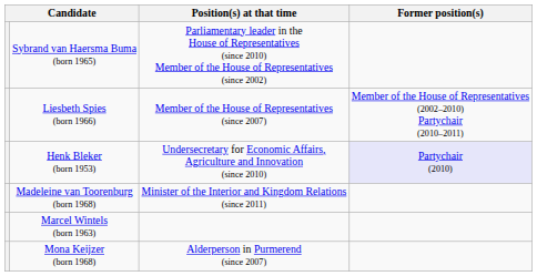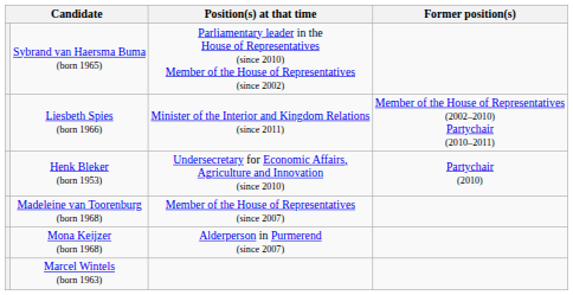 <table class="wikitable" style="text-align:center">
 <tr>
 <th colspan=2>Candidate</th>
 <th>Position(s) at that time</th>
 <th>Former position(s)</th>
 </tr>
 <tr>
 <th style="background:"></th>
 <td><a href='#'>Sybrand van Haersma Buma</a> <br> <small>(born 1965)</small></td>
 <td><a href='#'>Parliamentary leader</a> in the <br> <a href='#'>House of Representatives</a> <br> <small>(since 2010)</small> <br> <a href='#'>Member of the House of Representatives</a> <br> <small>(since 2002)</small></td>
 <td></td>
 </tr>
 <tr>
 <th style="background:"></th>
 <td><a href='#'>Liesbeth Spies</a> <br> <small>(born 1966)</small></td>
-<td><a href='#'>Member of the House of Representatives</a> <br> <small>(since 2007)</small></td>
+<td><a href='#'>Minister of the Interior and Kingdom Relations</a> <br> <small>(since 2011)</small></td>
 <td><a href='#'>Member of the House of Representatives</a> <br> <small>(2002–2010)</small> <br> <a href='#'>Partychair</a> <br> <small>(2010–2011)</small></td>
 </tr>
 <tr>
 <th style="background:"></th>
 <td><a href='#'>Henk Bleker</a> <br> <small>(born 1953)</small></td>
 <td><a href='#'>Undersecretary</a> for <a href='#'>Economic Affairs, <br> Agriculture and Innovation</a> <br> <small>(since 2010)</small></td>
-<td style="background: lavender;"><a href='#'>Partychair</a> <br> <small>(2010)</small></td>
+<td><a href='#'>Partychair</a> <br> <small>(2010)</small></td>
 </tr>
 <tr>
 <th style="background:"></th>
 <td><a href='#'>Madeleine van Toorenburg</a> <br> <small>(born 1968)</small></td>
-<td><a href='#'>Minister of the Interior and Kingdom Relations</a> <br> <small>(since 2011)</small></td>
+<td><a href='#'>Member of the House of Representatives</a> <br> <small>(since 2007)</small></td>
+<td></td>
+</tr>
+<tr>
+<th style="background:"></th>
+<td><a href='#'>Mona Keijzer</a> <br> <small>(born 1968)</small></td>
+<td><a href='#'>Alderperson</a> in <a href='#'>Purmerend</a> <br> <small>(since 2007)</small></td>
 <td></td>
 </tr>
 <tr>
 <th style="background:"></th>
 <td><a href='#'>Marcel Wintels</a> <br> <small>(born 1963)</small></td>
 <td></td>
 <td></td>
 </tr>
-<tr>
-<th style="background:"></th>
-<td><a href='#'>Mona Keijzer</a> <br> <small>(born 1968)</small></td>
-<td><a href='#'>Alderperson</a> in <a href='#'>Purmerend</a> <br> <small>(since 2007)</small></td>
-<td></td>
-</tr>
 </table>
